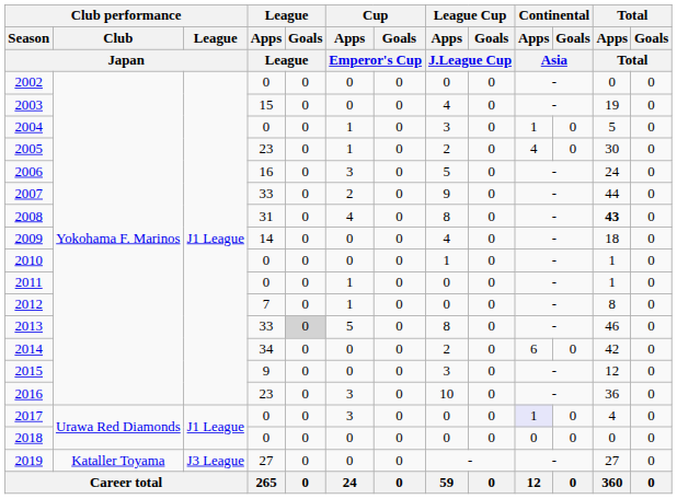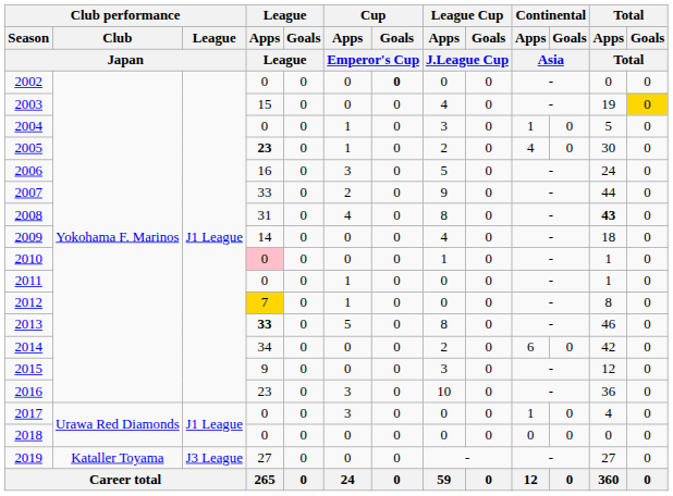 <table class="wikitable" style="text-align:center">
 <tr>
 <th colspan=3>Club performance</th>
 <th colspan=2>League</th>
 <th colspan=2>Cup</th>
 <th colspan=2>League Cup</th>
 <th colspan=2>Continental</th>
 <th colspan=2>Total</th>
 </tr>
 <tr>
 <th>Season</th>
 <th>Club</th>
 <th>League</th>
 <th>Apps</th>
 <th>Goals</th>
 <th>Apps</th>
 <th>Goals</th>
 <th>Apps</th>
 <th>Goals</th>
 <th>Apps</th>
 <th>Goals</th>
 <th>Apps</th>
 <th>Goals</th>
 </tr>
 <tr>
 <th colspan=3>Japan</th>
 <th colspan=2>League</th>
 <th colspan=2><a href='#'>Emperor's Cup</a></th>
 <th colspan=2><a href='#'>J.League Cup</a></th>
 <th colspan=2><a href='#'>Asia</a></th>
 <th colspan=2>Total</th>
 </tr>
 <tr>
 <td><a href='#'>2002</a></td>
 <td rowspan="15"><a href='#'>Yokohama F. Marinos</a></td>
 <td rowspan="15"><a href='#'>J1 League</a></td>
 <td>0</td>
 <td>0</td>
 <td>0</td>
-<td>0</td>
+<td><strong>0</strong></td>
 <td>0</td>
 <td>0</td>
 <td colspan="2">-</td>
 <td>0</td>
 <td>0</td>
 </tr>
 <tr>
 <td><a href='#'>2003</a></td>
 <td>15</td>
 <td>0</td>
 <td>0</td>
 <td>0</td>
 <td>4</td>
 <td>0</td>
 <td colspan="2">-</td>
 <td>19</td>
-<td>0</td>
+<td style="background: gold;">0</td>
 </tr>
 <tr>
 <td><a href='#'>2004</a></td>
 <td>0</td>
 <td>0</td>
 <td>1</td>
 <td>0</td>
 <td>3</td>
 <td>0</td>
 <td>1</td>
 <td>0</td>
 <td>5</td>
 <td>0</td>
 </tr>
 <tr>
 <td><a href='#'>2005</a></td>
-<td>23</td>
+<td><strong>23</strong></td>
 <td>0</td>
 <td>1</td>
 <td>0</td>
 <td>2</td>
 <td>0</td>
 <td>4</td>
 <td>0</td>
 <td>30</td>
 <td>0</td>
 </tr>
 <tr>
 <td><a href='#'>2006</a></td>
 <td>16</td>
 <td>0</td>
 <td>3</td>
 <td>0</td>
 <td>5</td>
 <td>0</td>
 <td colspan="2">-</td>
 <td>24</td>
 <td>0</td>
 </tr>
 <tr>
 <td><a href='#'>2007</a></td>
 <td>33</td>
 <td>0</td>
 <td>2</td>
 <td>0</td>
 <td>9</td>
 <td>0</td>
 <td colspan="2">-</td>
 <td>44</td>
 <td>0</td>
 </tr>
 <tr>
 <td><a href='#'>2008</a></td>
 <td>31</td>
 <td>0</td>
 <td>4</td>
 <td>0</td>
 <td>8</td>
 <td>0</td>
 <td colspan="2">-</td>
 <td><strong>43</strong></td>
 <td>0</td>
 </tr>
 <tr>
 <td><a href='#'>2009</a></td>
 <td>14</td>
 <td>0</td>
 <td>0</td>
 <td>0</td>
 <td>4</td>
 <td>0</td>
 <td colspan="2">-</td>
 <td>18</td>
 <td>0</td>
 </tr>
 <tr>
 <td><a href='#'>2010</a></td>
-<td>0</td>
+<td style="background: pink;">0</td>
 <td>0</td>
 <td>0</td>
 <td>0</td>
 <td>1</td>
 <td>0</td>
 <td colspan="2">-</td>
 <td>1</td>
 <td>0</td>
 </tr>
 <tr>
 <td><a href='#'>2011</a></td>
 <td>0</td>
 <td>0</td>
 <td>1</td>
 <td>0</td>
 <td>0</td>
 <td>0</td>
 <td colspan="2">-</td>
 <td>1</td>
 <td>0</td>
 </tr>
 <tr>
 <td><a href='#'>2012</a></td>
-<td>7</td>
+<td style="background: gold;">7</td>
 <td>0</td>
 <td>1</td>
 <td>0</td>
 <td>0</td>
 <td>0</td>
 <td colspan="2">-</td>
 <td>8</td>
 <td>0</td>
 </tr>
 <tr>
 <td><a href='#'>2013</a></td>
-<td>33</td>
-<td style="background: lightgrey;">0</td>
+<td><strong>33</strong></td>
+<td>0</td>
 <td>5</td>
 <td>0</td>
 <td>8</td>
 <td>0</td>
 <td colspan="2">-</td>
 <td>46</td>
 <td>0</td>
 </tr>
 <tr>
 <td><a href='#'>2014</a></td>
 <td>34</td>
 <td>0</td>
 <td>0</td>
 <td>0</td>
 <td>2</td>
 <td>0</td>
 <td>6</td>
 <td>0</td>
 <td>42</td>
 <td>0</td>
 </tr>
 <tr>
 <td><a href='#'>2015</a></td>
 <td>9</td>
 <td>0</td>
 <td>0</td>
 <td>0</td>
 <td>3</td>
 <td>0</td>
 <td colspan="2">-</td>
 <td>12</td>
 <td>0</td>
 </tr>
 <tr>
 <td><a href='#'>2016</a></td>
 <td>23</td>
 <td>0</td>
 <td>3</td>
 <td>0</td>
 <td>10</td>
 <td>0</td>
 <td colspan="2">-</td>
 <td>36</td>
 <td>0</td>
 </tr>
 <tr>
 <td><a href='#'>2017</a></td>
 <td rowspan="2"><a href='#'>Urawa Red Diamonds</a></td>
 <td rowspan="2"><a href='#'>J1 League</a></td>
 <td>0</td>
 <td>0</td>
 <td>3</td>
 <td>0</td>
 <td>0</td>
 <td>0</td>
-<td style="background: lavender;">1</td>
+<td>1</td>
 <td>0</td>
 <td>4</td>
 <td>0</td>
 </tr>
 <tr>
 <td><a href='#'>2018</a></td>
 <td>0</td>
 <td>0</td>
 <td>0</td>
 <td>0</td>
 <td>0</td>
 <td>0</td>
 <td>0</td>
 <td>0</td>
 <td>0</td>
 <td>0</td>
 </tr>
 <tr>
 <td><a href='#'>2019</a></td>
 <td><a href='#'>Kataller Toyama</a></td>
 <td><a href='#'>J3 League</a></td>
 <td>27</td>
 <td>0</td>
 <td>0</td>
 <td>0</td>
 <td colspan="2">-</td>
 <td colspan="2">-</td>
 <td>27</td>
 <td>0</td>
 </tr>
 <tr>
 <th colspan=3>Career total</th>
 <th>265</th>
 <th>0</th>
 <th>24</th>
 <th>0</th>
 <th>59</th>
 <th>0</th>
 <th>12</th>
 <th>0</th>
 <th>360</th>
 <th>0</th>
 </tr>
 </table>
